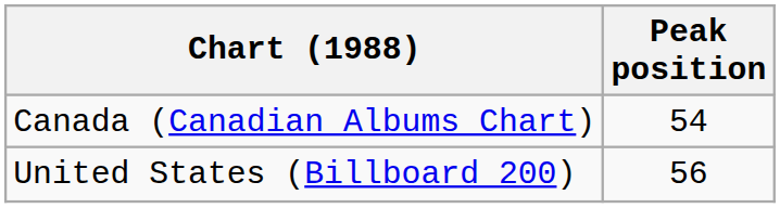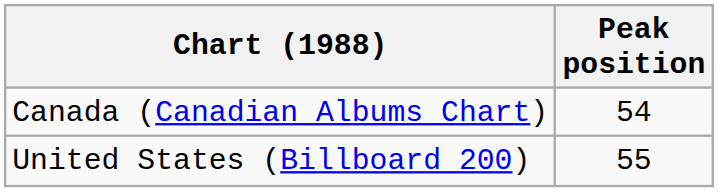 <table class="wikitable">
 <tr>
 <th scope="col">Chart (1988)</th>
 <th>Peak<br>position</th>
 </tr>
 <tr>
 <td>Canada (<a href='#'>Canadian Albums Chart</a>)</td>
 <td align="center">54</td>
 </tr>
 <tr>
 <td>United States (<a href='#'>Billboard 200</a>)</td>
-<td style="text-align:center;">56</td>
+<td style="text-align:center;">55</td>
 </tr>
 </table>
